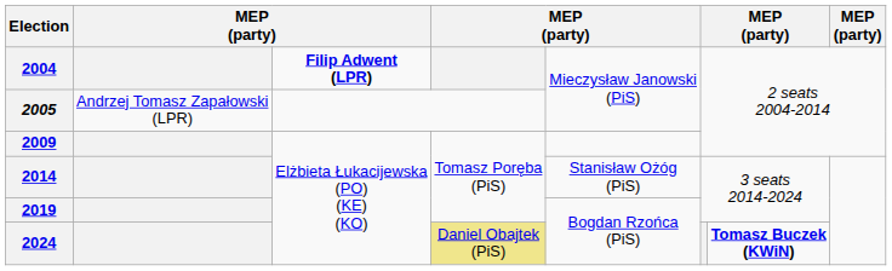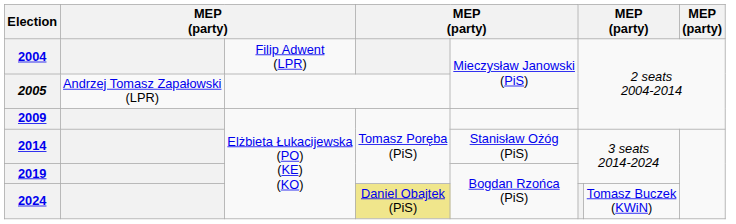 <table class= "wikitable" style= "text-align:center">
 <tr>
 <th>Election</th>
 <th colspan=2>MEP<br>(party)</th>
 <th colspan=2>MEP<br>(party)</th>
 <th colspan=2>MEP<br>(party)</th>
 <th colspan=2>MEP<br>(party)</th>
 </tr>
 <tr>
 <th><a href='#'>2004</a></th>
 <th style="background-color: "></th>
-<td rowspan=1><strong><a href='#'>Filip Adwent</a><br>(<a href='#'>LPR</a>)</strong></td>
+<td rowspan=1><a href='#'>Filip Adwent</a><br>(<a href='#'>LPR</a>)</td>
 <th style="background-color: "></th>
 <td rowspan=2><a href='#'>Mieczysław Janowski</a><br>(<a href='#'>PiS</a>)</td>
 <td colspan=4 rowspan=3><em>2 seats<br>2004-2014</em></td>
 </tr>
 <tr>
 <th><em>2005</em></th>
 <td rowspan=1><a href='#'>Andrzej Tomasz Zapałowski</a><br>(LPR)</td>
 </tr>
 <tr>
 <th><a href='#'>2009</a></th>
 <th style="background-color: "></th>
 <td rowspan=4><a href='#'>Elżbieta Łukacijewska</a><br>(<a href='#'>PO</a>)<br>(<a href='#'>KE</a>)<br>(<a href='#'>KO</a>)</td>
 <td rowspan=3><a href='#'>Tomasz Poręba</a><br>(PiS)</td>
 </tr>
 <tr>
 <th><a href='#'>2014</a></th>
 <th style="background-color: "></th>
 <td rowspan=1><a href='#'>Stanisław Ożóg</a><br>(PiS)</td>
 <td colspan=2 rowspan=2><em>3 seats<br>2014-2024</em></td>
 </tr>
 <tr>
 <th><a href='#'>2019</a></th>
 <th style="background-color: "></th>
 <td rowspan=2><a href='#'>Bogdan Rzońca</a><br>(PiS)</td>
 </tr>
 <tr>
 <th><a href='#'>2024</a></th>
 <th style="background-color: "></th>
 <td rowspan=1 style="background: khaki;"><a href='#'>Daniel Obajtek</a><br>(PiS)</td>
 <th style="background-color: "></th>
-<td rowspan=1><strong><a href='#'>Tomasz Buczek</a><br>(<a href='#'>KWiN</a>)</strong></td>
+<td rowspan=1><a href='#'>Tomasz Buczek</a><br>(<a href='#'>KWiN</a>)</td>
 </tr>
 </table>
